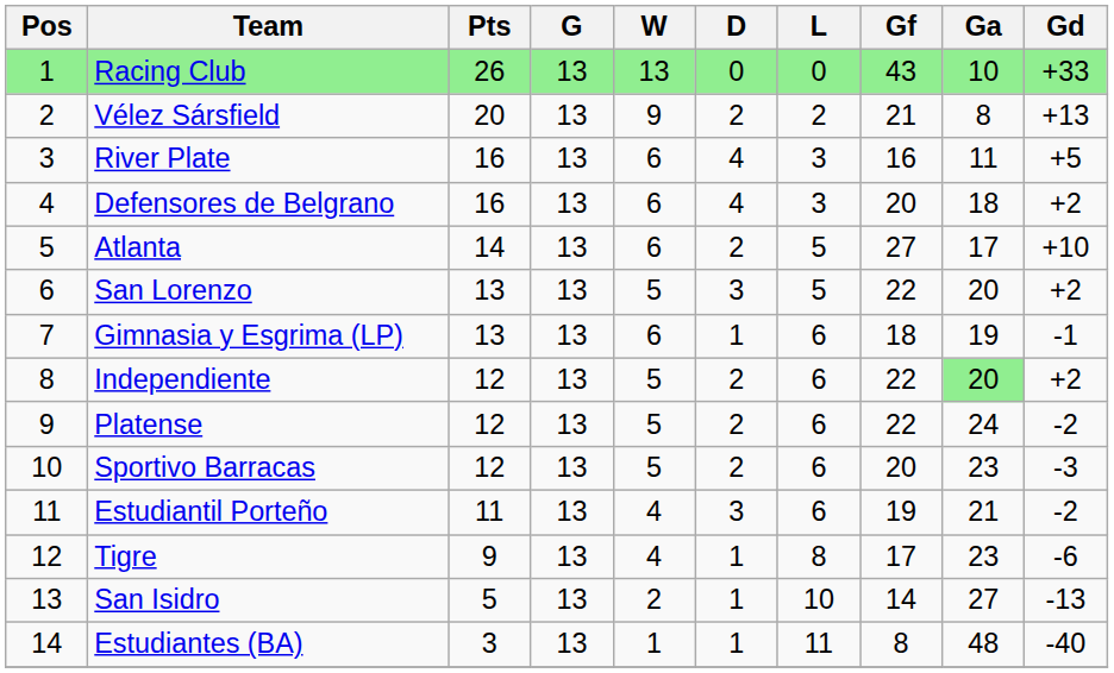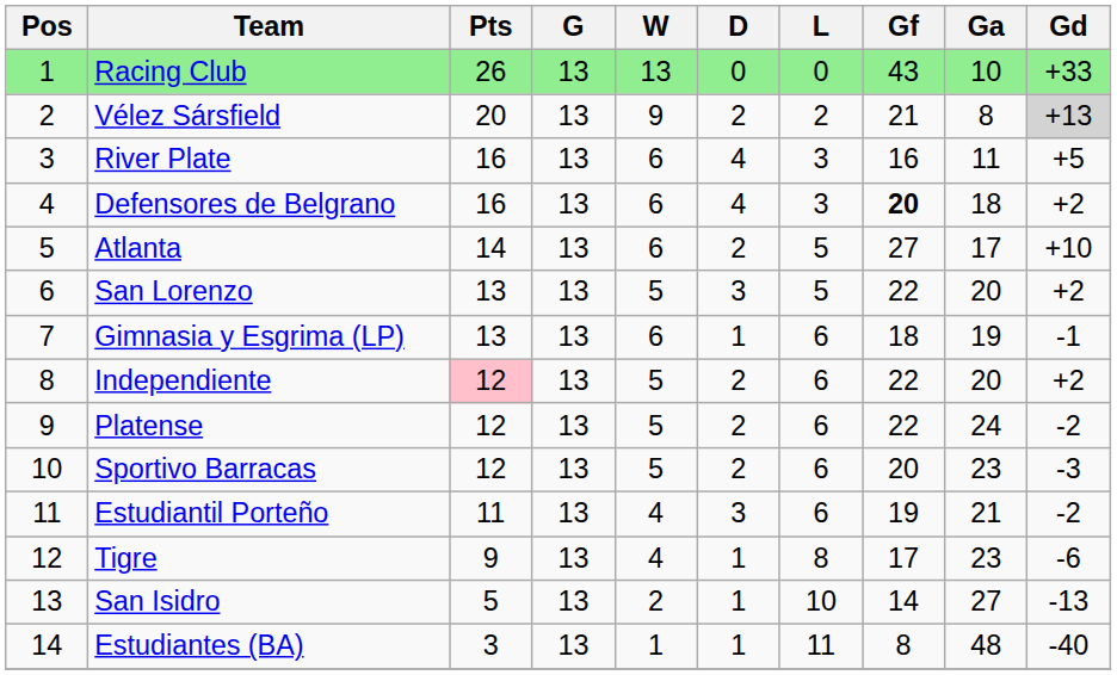 <table class="wikitable" style="text-align:center">
 <tr>
 <th width=40px>Pos</th>
 <th width=200px>Team</th>
 <th width=40px>Pts</th>
 <th width=40px>G</th>
 <th width=40px>W</th>
 <th width=40px>D</th>
 <th width=40px>L</th>
 <th width=40px>Gf</th>
 <th width=40px>Ga</th>
 <th width=40px>Gd</th>
 </tr>
 <tr bgcolor="lightgreen">
 <td>1</td>
 <td align="left"><a href='#'>Racing Club</a></td>
 <td>26</td>
 <td>13</td>
 <td>13</td>
 <td>0</td>
 <td>0</td>
 <td>43</td>
 <td>10</td>
 <td>+33</td>
 </tr>
 <tr>
 <td>2</td>
 <td align="left"><a href='#'>Vélez Sársfield</a></td>
 <td>20</td>
 <td>13</td>
 <td>9</td>
 <td>2</td>
 <td>2</td>
 <td>21</td>
 <td>8</td>
-<td>+13</td>
+<td style="background: lightgrey;">+13</td>
 </tr>
 <tr>
 <td>3</td>
 <td align="left"><a href='#'>River Plate</a></td>
 <td>16</td>
 <td>13</td>
 <td>6</td>
 <td>4</td>
 <td>3</td>
 <td>16</td>
 <td>11</td>
 <td>+5</td>
 </tr>
 <tr>
 <td>4</td>
 <td align="left"><a href='#'>Defensores de Belgrano</a></td>
 <td>16</td>
 <td>13</td>
 <td>6</td>
 <td>4</td>
 <td>3</td>
-<td>20</td>
+<td><strong>20</strong></td>
 <td>18</td>
 <td>+2</td>
 </tr>
 <tr>
 <td>5</td>
 <td align="left"><a href='#'>Atlanta</a></td>
 <td>14</td>
 <td>13</td>
 <td>6</td>
 <td>2</td>
 <td>5</td>
 <td>27</td>
 <td>17</td>
 <td>+10</td>
 </tr>
 <tr>
 <td>6</td>
 <td align="left"><a href='#'>San Lorenzo</a></td>
 <td>13</td>
 <td>13</td>
 <td>5</td>
 <td>3</td>
 <td>5</td>
 <td>22</td>
 <td>20</td>
 <td>+2</td>
 </tr>
 <tr>
 <td>7</td>
 <td align="left"><a href='#'>Gimnasia y Esgrima (LP)</a></td>
 <td>13</td>
 <td>13</td>
 <td>6</td>
 <td>1</td>
 <td>6</td>
 <td>18</td>
 <td>19</td>
 <td>-1</td>
 </tr>
 <tr>
 <td>8</td>
 <td align="left"><a href='#'>Independiente</a></td>
-<td>12</td>
+<td style="background: pink;">12</td>
 <td>13</td>
 <td>5</td>
 <td>2</td>
 <td>6</td>
 <td>22</td>
-<td style="background: lightgreen;">20</td>
+<td>20</td>
 <td>+2</td>
 </tr>
 <tr>
 <td>9</td>
 <td align="left"><a href='#'>Platense</a></td>
 <td>12</td>
 <td>13</td>
 <td>5</td>
 <td>2</td>
 <td>6</td>
 <td>22</td>
 <td>24</td>
 <td>-2</td>
 </tr>
 <tr>
 <td>10</td>
 <td align="left"><a href='#'>Sportivo Barracas</a></td>
 <td>12</td>
 <td>13</td>
 <td>5</td>
 <td>2</td>
 <td>6</td>
 <td>20</td>
 <td>23</td>
 <td>-3</td>
 </tr>
 <tr>
 <td>11</td>
 <td align="left"><a href='#'>Estudiantil Porteño</a></td>
 <td>11</td>
 <td>13</td>
 <td>4</td>
 <td>3</td>
 <td>6</td>
 <td>19</td>
 <td>21</td>
 <td>-2</td>
 </tr>
 <tr>
 <td>12</td>
 <td align="left"><a href='#'>Tigre</a></td>
 <td>9</td>
 <td>13</td>
 <td>4</td>
 <td>1</td>
 <td>8</td>
 <td>17</td>
 <td>23</td>
 <td>-6</td>
 </tr>
 <tr>
 <td>13</td>
 <td align="left"><a href='#'>San Isidro</a></td>
 <td>5</td>
 <td>13</td>
 <td>2</td>
 <td>1</td>
 <td>10</td>
 <td>14</td>
 <td>27</td>
 <td>-13</td>
 </tr>
 <tr>
 <td>14</td>
 <td align="left"><a href='#'>Estudiantes (BA)</a></td>
 <td>3</td>
 <td>13</td>
 <td>1</td>
 <td>1</td>
 <td>11</td>
 <td>8</td>
 <td>48</td>
 <td>-40</td>
 </tr>
 <tr>
 </tr>
 </table>
